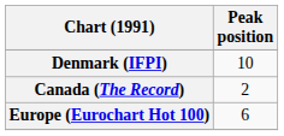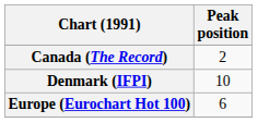 <table class="wikitable sortable plainrowheaders" style="text-align:center">
 <tr>
 <th>Chart (1991)</th>
 <th>Peak<br>position</th>
 </tr>
 <tr>
 </tr>
 <tr>
 </tr>
 <tr>
 </tr>
 <tr>
 </tr>
 <tr>
 </tr>
 <tr>
 </tr>
 <tr>
+<th scope="row">Canada (<a href='#'><em>The Record</em></a>)</th>
+<td>2</td>
+</tr>
+<tr>
 <th scope="row">Denmark (<a href='#'>IFPI</a>)</th>
 <td>10</td>
-</tr>
-<tr>
-<th scope="row">Canada (<a href='#'><em>The Record</em></a>)</th>
-<td>2</td>
 </tr>
 <tr>
 <th scope="row">Europe (<a href='#'>Eurochart Hot 100</a>)</th>
 <td>6</td>
 </tr>
 <tr>
 </tr>
 <tr>
 </tr>
 <tr>
 </tr>
 <tr>
 </tr>
 <tr>
 </tr>
 <tr>
 </tr>
 <tr>
 </tr>
 <tr>
 </tr>
 <tr>
 </tr>
 <tr>
 </tr>
 <tr>
 </tr>
 <tr>
 </tr>
 </table>
